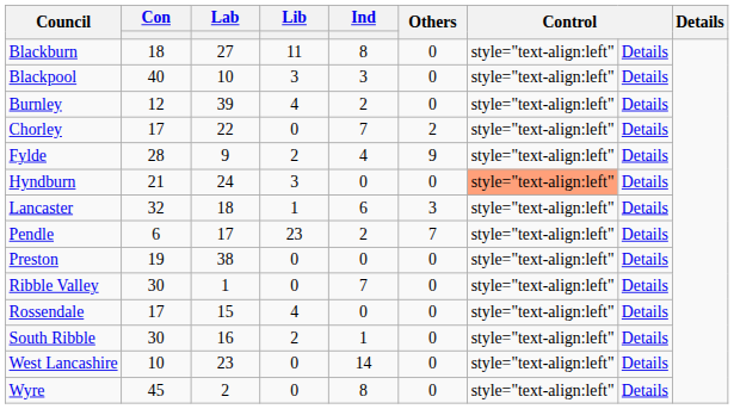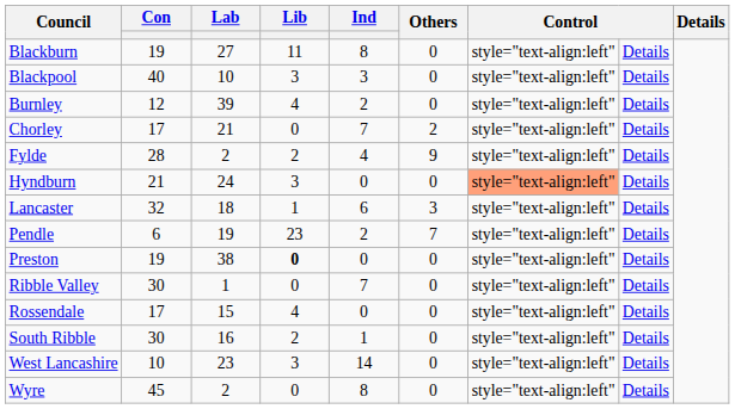 <table class="wikitable" style="text-align:center;">
 <tr>
 <th rowspan=2>Council</th>
 <th style="width:60px;"><a href='#'>Con</a></th>
 <th style="width:60px;"><a href='#'>Lab</a></th>
 <th style="width:60px;"><a href='#'>Lib</a></th>
 <th style="width:60px;"><a href='#'>Ind</a></th>
 <th style="width:60px;" rowspan=2>Others</th>
 <th rowspan=2 colspan=2>Control</th>
 <th rowspan=2>Details</th>
 </tr>
 <tr>
 <th style="background:"></th>
 <th style="background:"></th>
 <th style="background:"></th>
 <th style="background:"></th>
 </tr>
 <tr>
 <td style="text-align:left"><a href='#'>Blackburn</a></td>
-<td>18</td>
+<td>19</td>
 <td>27</td>
 <td>11</td>
 <td>8</td>
 <td>0</td>
 <td>style="text-align:left" </td>
 <td style="text-align:left"><a href='#'>Details</a></td>
 </tr>
 <tr>
 <td style="text-align:left"><a href='#'>Blackpool</a></td>
 <td>40</td>
 <td>10</td>
 <td>3</td>
 <td>3</td>
 <td>0</td>
 <td>style="text-align:left" </td>
 <td style="text-align:left"><a href='#'>Details</a></td>
 </tr>
 <tr>
 <td style="text-align:left"><a href='#'>Burnley</a></td>
 <td>12</td>
 <td>39</td>
 <td>4</td>
 <td>2</td>
 <td>0</td>
 <td>style="text-align:left" </td>
 <td style="text-align:left"><a href='#'>Details</a></td>
 </tr>
 <tr>
 <td style="text-align:left"><a href='#'>Chorley</a></td>
 <td>17</td>
-<td>22</td>
+<td>21</td>
 <td>0</td>
 <td>7</td>
 <td>2</td>
 <td>style="text-align:left" </td>
 <td style="text-align:left"><a href='#'>Details</a></td>
 </tr>
 <tr>
 <td style="text-align:left"><a href='#'>Fylde</a></td>
 <td>28</td>
-<td>9</td>
+<td>2</td>
 <td>2</td>
 <td>4</td>
 <td>9</td>
 <td>style="text-align:left" </td>
 <td style="text-align:left"><a href='#'>Details</a></td>
 </tr>
 <tr>
 <td style="text-align:left"><a href='#'>Hyndburn</a></td>
 <td>21</td>
 <td>24</td>
 <td>3</td>
 <td>0</td>
 <td>0</td>
 <td style="background: lightsalmon;">style="text-align:left" </td>
 <td style="text-align:left"><a href='#'>Details</a></td>
 </tr>
 <tr>
 <td style="text-align:left"><a href='#'>Lancaster</a></td>
 <td>32</td>
 <td>18</td>
 <td>1</td>
 <td>6</td>
 <td>3</td>
 <td>style="text-align:left" </td>
 <td style="text-align:left"><a href='#'>Details</a></td>
 </tr>
 <tr>
 <td style="text-align:left"><a href='#'>Pendle</a></td>
 <td>6</td>
-<td>17</td>
+<td>19</td>
 <td>23</td>
 <td>2</td>
 <td>7</td>
 <td>style="text-align:left" </td>
 <td style="text-align:left"><a href='#'>Details</a></td>
 </tr>
 <tr>
 <td style="text-align:left"><a href='#'>Preston</a></td>
 <td>19</td>
 <td>38</td>
-<td>0</td>
+<td><strong>0</strong></td>
 <td>0</td>
 <td>0</td>
 <td>style="text-align:left" </td>
 <td style="text-align:left"><a href='#'>Details</a></td>
 </tr>
 <tr>
 <td style="text-align:left"><a href='#'>Ribble Valley</a></td>
 <td>30</td>
 <td>1</td>
 <td>0</td>
 <td>7</td>
 <td>0</td>
 <td>style="text-align:left" </td>
 <td style="text-align:left"><a href='#'>Details</a></td>
 </tr>
 <tr>
 <td style="text-align:left"><a href='#'>Rossendale</a></td>
 <td>17</td>
 <td>15</td>
 <td>4</td>
 <td>0</td>
 <td>0</td>
 <td>style="text-align:left" </td>
 <td style="text-align:left"><a href='#'>Details</a></td>
 </tr>
 <tr>
 <td style="text-align:left"><a href='#'>South Ribble</a></td>
 <td>30</td>
 <td>16</td>
 <td>2</td>
 <td>1</td>
 <td>0</td>
 <td>style="text-align:left" </td>
 <td style="text-align:left"><a href='#'>Details</a></td>
 </tr>
 <tr>
 <td style="text-align:left"><a href='#'>West Lancashire</a></td>
 <td>10</td>
 <td>23</td>
-<td>0</td>
+<td>3</td>
 <td>14</td>
 <td>0</td>
 <td>style="text-align:left" </td>
 <td style="text-align:left"><a href='#'>Details</a></td>
 </tr>
 <tr>
 <td style="text-align:left"><a href='#'>Wyre</a></td>
 <td>45</td>
 <td>2</td>
 <td>0</td>
 <td>8</td>
 <td>0</td>
 <td>style="text-align:left" </td>
 <td style="text-align:left"><a href='#'>Details</a></td>
 </tr>
 </table>
